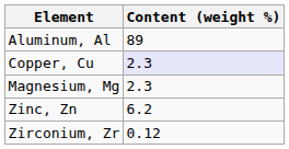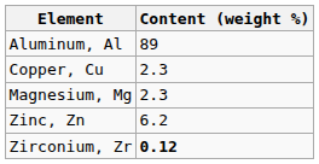 <table class="wikitable">
 <tr>
 <th>Element</th>
 <th>Content (weight %)</th>
 </tr>
 <tr>
 <td>Aluminum, Al</td>
 <td>89</td>
 </tr>
 <tr>
 <td>Copper, Cu</td>
-<td style="background: lavender;">2.3</td>
+<td>2.3</td>
 </tr>
 <tr>
 <td>Magnesium, Mg</td>
 <td>2.3</td>
 </tr>
 <tr>
 <td>Zinc, Zn</td>
 <td>6.2</td>
 </tr>
 <tr>
 <td>Zirconium, Zr</td>
-<td>0.12</td>
+<td><strong>0.12</strong></td>
 </tr>
 </table>
